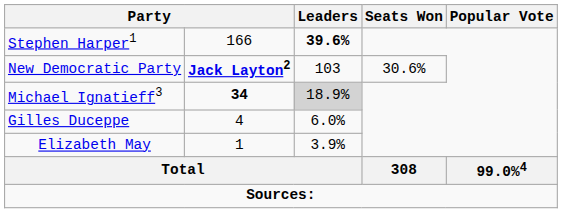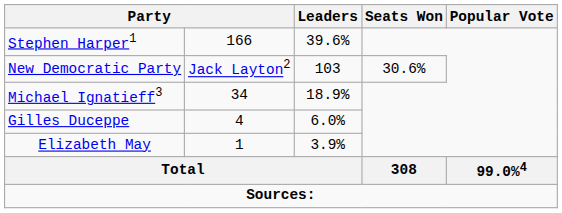 <table class="wikitable">
 <tr>
 <th colspan="2">Party</th>
 <th>Leaders</th>
 <th>Seats Won</th>
 <th>Popular Vote</th>
 </tr>
 <tr>
 <td><a href='#'>Stephen Harper</a><sup>1</sup></td>
 <td align=center>166</td>
-<td align=center><strong>39.6%</strong></td>
+<td align=center>39.6%</td>
 </tr>
 <tr>
 <td><a href='#'>New Democratic Party</a></td>
-<td><strong><a href='#'>Jack Layton</a><sup>2</sup></strong></td>
+<td><a href='#'>Jack Layton</a><sup>2</sup></td>
 <td align=center>103</td>
 <td align=center>30.6%</td>
 </tr>
 <tr>
 <td><a href='#'>Michael Ignatieff</a><sup>3</sup></td>
-<td align=center><strong>34</strong></td>
-<td align=center style="background: lightgrey;">18.9%</td>
+<td align=center>34</td>
+<td align=center>18.9%</td>
 </tr>
 <tr>
 <td><a href='#'>Gilles Duceppe</a></td>
 <td align=center>4</td>
 <td align=center>6.0%</td>
 </tr>
 <tr>
 <td align=center><a href='#'>Elizabeth May</a></td>
 <td align=center>1</td>
 <td align=center>3.9%</td>
 </tr>
 <tr>
 <th colspan=3>Total</th>
 <th>308</th>
 <th>99.0%<sup>4</sup></th>
 </tr>
 <tr>
 <td align="center" colspan=5><strong>Sources:</strong> </td>
 </tr>
 </table>
